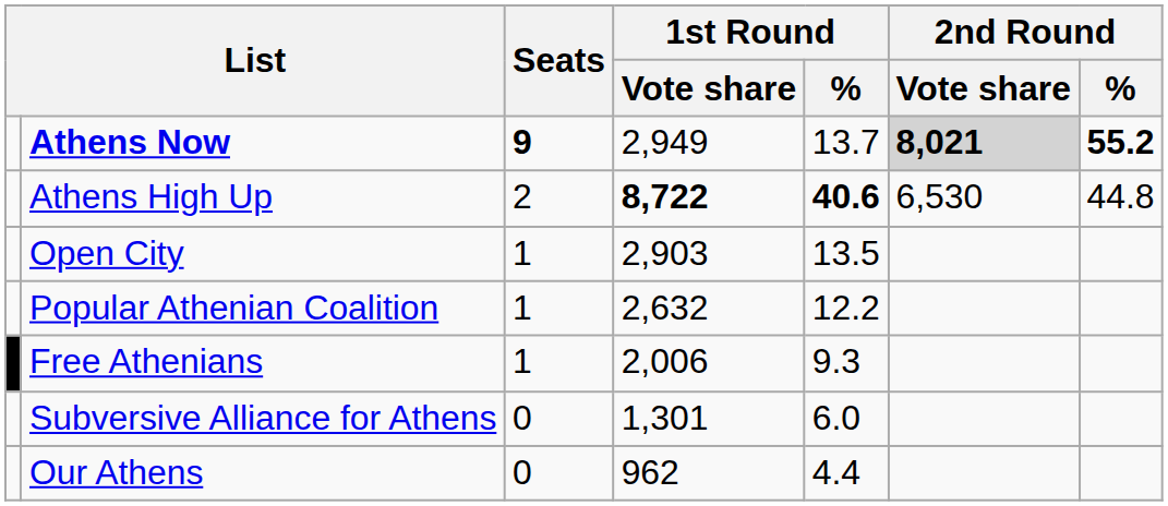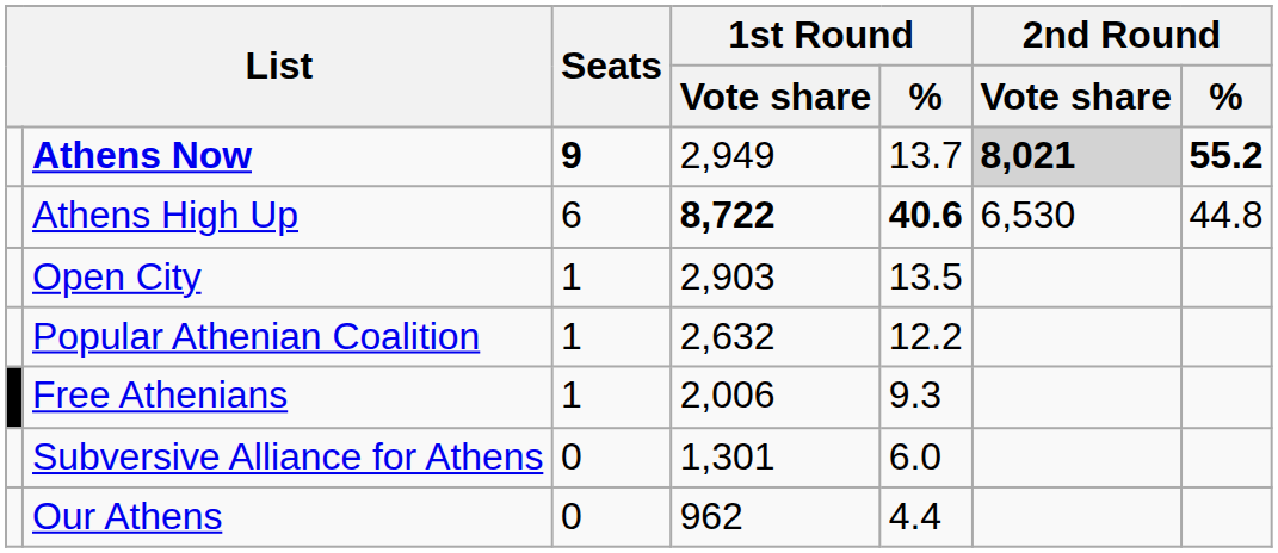 <table class="wikitable">
 <tr>
 <th colspan="2" rowspan="2">List</th>
 <th rowspan="2">Seats</th>
 <th colspan="2">1st Round</th>
 <th colspan="2">2nd Round</th>
 </tr>
 <tr>
 <th><strong>Vote share</strong></th>
 <th>%</th>
 <th><strong>Vote share</strong></th>
 <th>%</th>
 </tr>
 <tr>
 <td style="background-color:"></td>
 <td><strong><a href='#'>Athens Now</a></strong></td>
 <td><strong>9</strong></td>
 <td>2,949</td>
 <td>13.7</td>
 <td style="background: lightgrey;"><strong>8,021</strong></td>
 <td><strong>55.2</strong></td>
 </tr>
 <tr>
 <td style="background-color:"></td>
 <td><a href='#'>Athens High Up</a></td>
-<td>2</td>
+<td>6</td>
 <td><strong>8,722</strong></td>
 <td><strong>40.6</strong></td>
 <td>6,530</td>
 <td>44.8</td>
 </tr>
 <tr>
 <td style="background-color:"></td>
 <td><a href='#'>Open City</a></td>
 <td>1</td>
 <td>2,903</td>
 <td>13.5</td>
 <td></td>
 <td></td>
 </tr>
 <tr>
 <td style="background-color:"></td>
 <td><a href='#'>Popular Athenian Coalition</a></td>
 <td>1</td>
 <td>2,632</td>
 <td>12.2</td>
 <td></td>
 <td></td>
 </tr>
 <tr>
 <td style="background-color:#000000"></td>
 <td><a href='#'>Free Athenians</a></td>
 <td>1</td>
 <td>2,006</td>
 <td>9.3</td>
 <td></td>
 <td></td>
 </tr>
 <tr>
 <td style="background-color:"></td>
 <td><a href='#'>Subversive Alliance for Athens</a></td>
 <td>0</td>
 <td>1,301</td>
 <td>6.0</td>
 <td></td>
 <td></td>
 </tr>
 <tr>
 <td style="background-color:"></td>
 <td><a href='#'>Our Athens</a></td>
 <td>0</td>
 <td>962</td>
 <td>4.4</td>
 <td></td>
 <td></td>
 </tr>
 </table>
